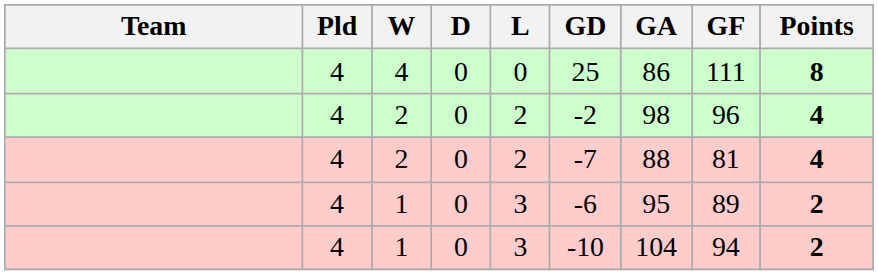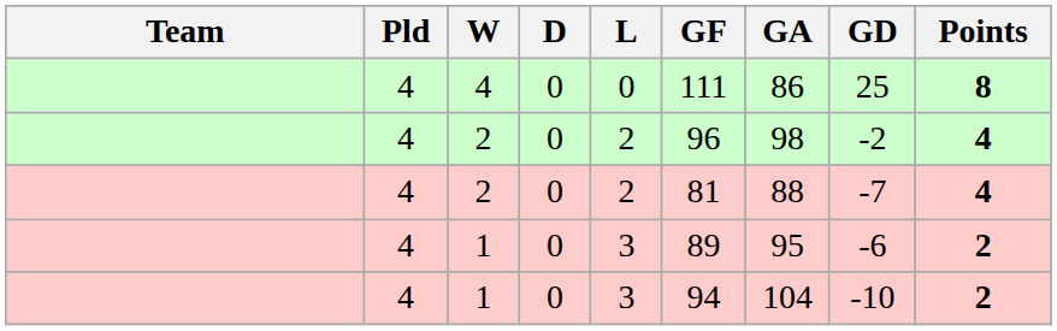 <table class=wikitable style="text-align:center" width=500>
 <tr>
 <th width=25%>Team</th>
 <th width=5%>Pld</th>
 <th width=5%>W</th>
 <th width=5%>D</th>
 <th width=5%>L</th>
+<th width=5%>GF</th>
+<th width=5%>GA</th>
 <th width=5%>GD</th>
-<th width=5%>GA</th>
-<th width=5%>GF</th>
 <th width=8%>Points</th>
 </tr>
 <tr bgcolor="#ccffcc">
 <td align="left"></td>
 <td>4</td>
 <td>4</td>
 <td>0</td>
 <td>0</td>
+<td>111</td>
+<td>86</td>
 <td>25</td>
-<td>86</td>
-<td>111</td>
 <td><strong>8</strong></td>
 </tr>
 <tr bgcolor="#ccffcc">
 <td align="left"></td>
 <td>4</td>
 <td>2</td>
 <td>0</td>
 <td>2</td>
+<td>96</td>
+<td>98</td>
 <td>-2</td>
-<td>98</td>
-<td>96</td>
 <td><strong>4</strong></td>
 </tr>
 <tr bgcolor="ffcccc">
 <td align="left"></td>
 <td>4</td>
 <td>2</td>
 <td>0</td>
 <td>2</td>
+<td>81</td>
+<td>88</td>
 <td>-7</td>
-<td>88</td>
-<td>81</td>
 <td><strong>4</strong></td>
 </tr>
 <tr bgcolor="ffcccc">
 <td align="left"></td>
 <td>4</td>
 <td>1</td>
 <td>0</td>
 <td>3</td>
+<td>89</td>
+<td>95</td>
 <td>-6</td>
-<td>95</td>
-<td>89</td>
 <td><strong>2</strong></td>
 </tr>
 <tr bgcolor="ffcccc">
 <td align="left"></td>
 <td>4</td>
 <td>1</td>
 <td>0</td>
 <td>3</td>
+<td>94</td>
+<td>104</td>
 <td>-10</td>
-<td>104</td>
-<td>94</td>
 <td><strong>2</strong></td>
 </tr>
 </table>
